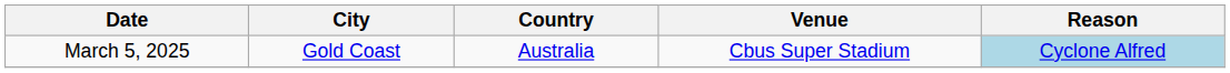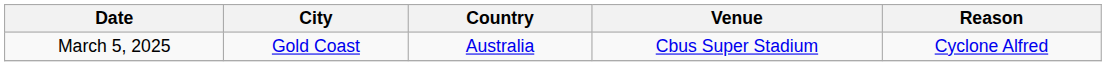 <table class="wikitable plainrowheaders" style="text-align:center;">
 <tr>
 <th scope="col" style="width:12em;">Date</th>
 <th scope="col" style="width:10em;">City</th>
 <th scope="col" style="width:10em;">Country</th>
 <th scope="col" style="width:16em;">Venue</th>
 <th scope="col" style="width:12em;">Reason</th>
 </tr>
 <tr>
 <td>March 5, 2025</td>
 <td><a href='#'>Gold Coast</a></td>
 <td><a href='#'>Australia</a></td>
 <td><a href='#'>Cbus Super Stadium</a></td>
-<td style="background: lightblue;"><a href='#'>Cyclone Alfred</a></td>
+<td><a href='#'>Cyclone Alfred</a></td>
 </tr>
 <tr>
 </tr>
 </table>
